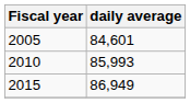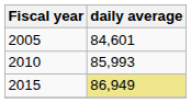 <table class="wikitable">
 <tr>
 <th>Fiscal year</th>
 <th>daily average</th>
 </tr>
 <tr>
 <td>2005</td>
 <td>84,601</td>
 </tr>
 <tr>
 <td>2010</td>
 <td>85,993</td>
 </tr>
 <tr>
 <td>2015</td>
-<td>86,949</td>
+<td style="background: khaki;">86,949</td>
 </tr>
 <tr>
 </tr>
 </table>
